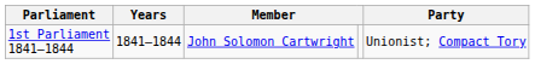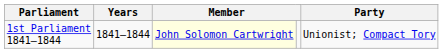 <table class="wikitable">
 <tr>
 <th>Parliament</th>
 <th>Years</th>
 <th colspan="2">Member</th>
 <th>Party</th>
 </tr>
 <tr>
 <td><a href='#'>1st Parliament</a><br>1841–1844</td>
 <td>1841–1844</td>
-<td><a href='#'>John Solomon Cartwright</a></td>
+<td style="background: lightyellow;"><a href='#'>John Solomon Cartwright</a></td>
 <td></td>
 <td>Unionist;  <a href='#'>Compact Tory</a></td>
 </tr>
 </table>
